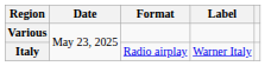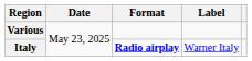 <table class="wikitable plainrowheaders">
 <tr>
 <th scope="col">Region</th>
 <th scope="col">Date</th>
 <th scope="col">Format</th>
 <th scope="col">Label</th>
 <th scope="col"></th>
 </tr>
 <tr>
 <th scope="row">Various</th>
 <td rowspan="2">May 23, 2025</td>
 <td></td>
 <td></td>
 <td style="text-align:center"></td>
 </tr>
 <tr>
 <th scope="row">Italy</th>
-<td><a href='#'>Radio airplay</a></td>
+<td><strong><a href='#'>Radio airplay</a></strong></td>
 <td><a href='#'>Warner Italy</a></td>
 <td style="text-align:center"></td>
 </tr>
 </table>
